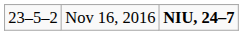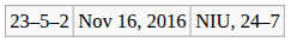 <table class="wikitable">
 <tr align="center">
 </tr>
 <tr align="center">
 <td>23–5–2</td>
 <td>Nov 16, 2016</td>
-<td><strong>NIU, 24–7</strong></td>
+<td>NIU, 24–7</td>
 </tr>
 </table>
